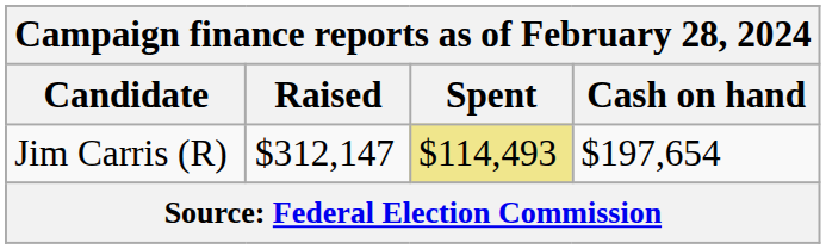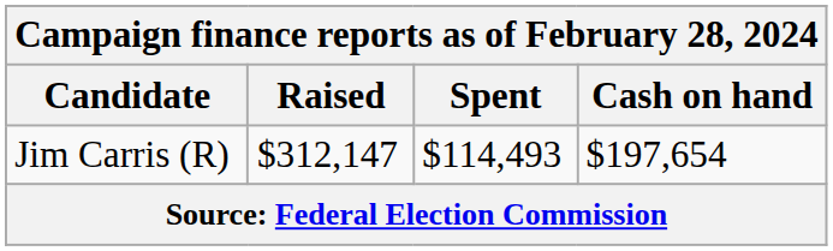 <table class="wikitable sortable">
 <tr>
 <th colspan=4>Campaign finance reports as of February 28, 2024</th>
 </tr>
 <tr style="text-align:center;">
 <th>Candidate</th>
 <th>Raised</th>
 <th>Spent</th>
 <th>Cash on hand</th>
 </tr>
 <tr>
 <td>Jim Carris (R)</td>
 <td>$312,147</td>
-<td style="background: khaki;">$114,493</td>
+<td>$114,493</td>
 <td>$197,654</td>
 </tr>
 <tr>
 <th colspan="4"><small>Source: <a href='#'>Federal Election Commission</a></small></th>
 </tr>
 </table>
